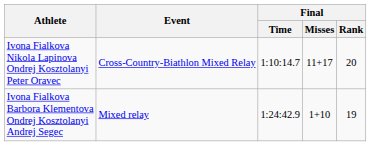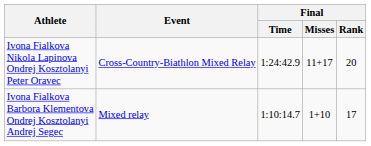 <table class="wikitable">
 <tr>
 <th rowspan="2">Athlete</th>
 <th rowspan="2">Event</th>
 <th colspan="3">Final</th>
 </tr>
 <tr>
 <th>Time</th>
 <th>Misses</th>
 <th>Rank</th>
 </tr>
 <tr>
 <td><a href='#'>Ivona Fialkova</a><br><a href='#'>Nikola Lapinova</a><br><a href='#'>Ondrej Kosztolanyi</a><br><a href='#'>Peter Oravec</a></td>
 <td><a href='#'>Cross-Country-Biathlon Mixed Relay</a></td>
-<td align="center">1:10:14.7</td>
+<td align="center">1:24:42.9</td>
 <td align="center">11+17</td>
 <td align="center">20</td>
 </tr>
 <tr>
 <td><a href='#'>Ivona Fialkova</a><br><a href='#'>Barbora Klementova</a><br><a href='#'>Ondrej Kosztolanyi</a><br><a href='#'>Andrej Segec</a></td>
 <td><a href='#'>Mixed relay</a></td>
-<td align="center">1:24:42.9</td>
+<td align="center">1:10:14.7</td>
 <td align="center">1+10</td>
-<td align="center">19</td>
+<td align="center">17</td>
 </tr>
 </table>
